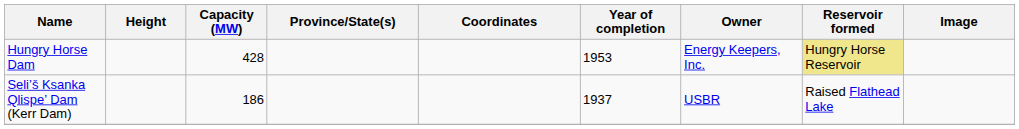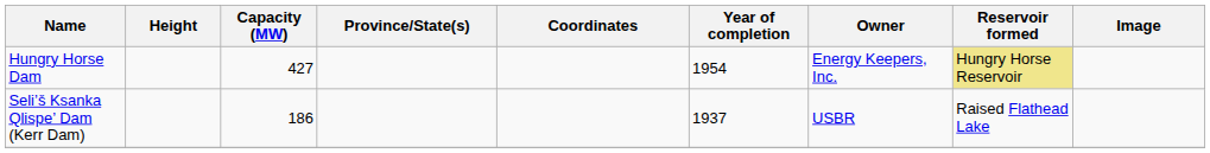 <table class="wikitable sortable" border="1">
 <tr>
 <th width="10%">Name</th>
 <th width="8%">Height</th>
 <th width="8%">Capacity (<a href='#'>MW</a>)</th>
 <th width="15%">Province/State(s)</th>
 <th width="16%">Coordinates</th>
 <th width="10%">Year of completion</th>
 <th width="12%">Owner</th>
 <th width="10%">Reservoir formed</th>
 <th>Image</th>
 </tr>
 <tr>
 <td><a href='#'>Hungry Horse Dam</a></td>
 <td></td>
-<td align="right">428</td>
+<td align="right">427</td>
 <td></td>
 <td></td>
-<td>1953</td>
+<td>1954</td>
 <td><a href='#'>Energy Keepers, Inc.</a></td>
 <td style="background: khaki;">Hungry Horse Reservoir</td>
 <td></td>
 </tr>
 <tr>
 <td><a href='#'>Seli’š Ksanka Qlispe’ Dam</a> (Kerr Dam)</td>
 <td></td>
 <td align="right">186</td>
 <td></td>
 <td></td>
 <td>1937</td>
 <td><a href='#'>USBR</a></td>
 <td>Raised <a href='#'>Flathead Lake</a> </td>
 <td></td>
 </tr>
 <tr>
 </tr>
 </table>
